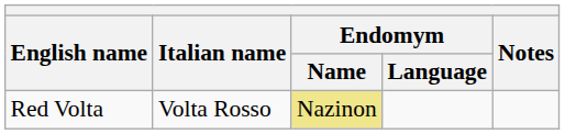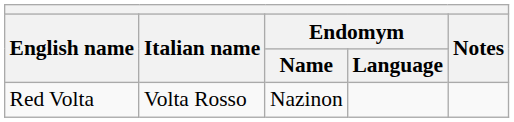 <table class="wikitable sortable">
 <tr>
 <th colspan="5"></th>
 </tr>
 <tr>
 <th rowspan="2">English name</th>
 <th rowspan="2">Italian name</th>
 <th colspan="2">Endomym</th>
 <th rowspan="2">Notes</th>
 </tr>
 <tr>
 <th>Name</th>
 <th>Language</th>
 </tr>
 <tr>
 <td>Red Volta</td>
 <td>Volta Rosso</td>
-<td style="background: khaki;">Nazinon</td>
+<td>Nazinon</td>
 <td></td>
 <td></td>
 </tr>
 </table>
